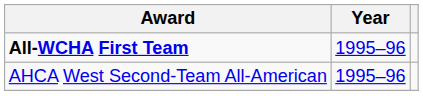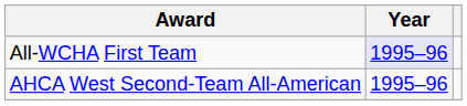 <table class="wikitable">
 <tr>
 <th>Award</th>
 <th>Year</th>
 <th></th>
 </tr>
 <tr>
-<td><strong>All-<a href='#'>WCHA</a> <a href='#'>First Team</a></strong></td>
-<td><a href='#'>1995–96</a></td>
+<td>All-<a href='#'>WCHA</a> <a href='#'>First Team</a></td>
+<td style="background: lavender;"><a href='#'>1995–96</a></td>
 <td></td>
 </tr>
 <tr>
 <td><a href='#'>AHCA</a> <a href='#'>West Second-Team All-American</a></td>
 <td><a href='#'>1995–96</a></td>
 <td></td>
 </tr>
 <tr>
 </tr>
 </table>
